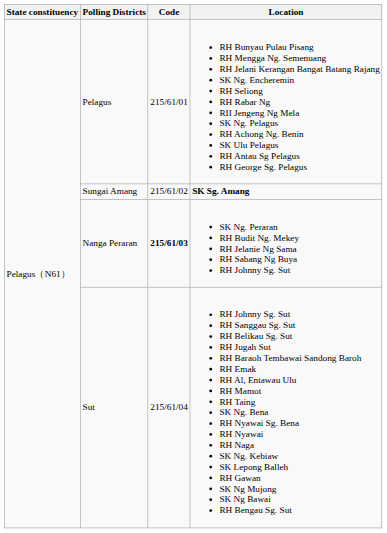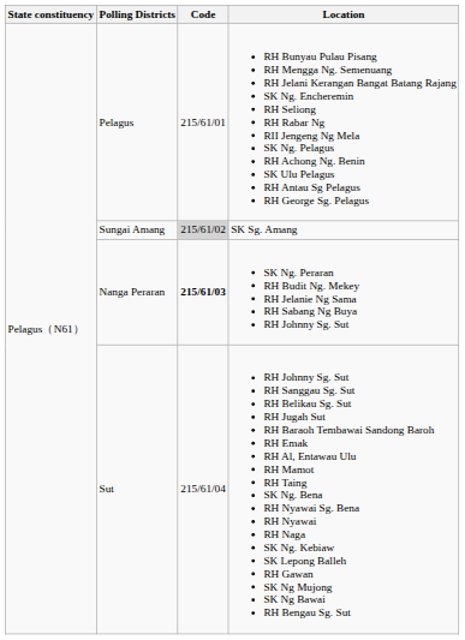 <table class="wikitable sortable mw-collapsible" style="white-space:nowrap;font-size:85%">
 <tr>
 <th>State constituency</th>
 <th>Polling Districts</th>
 <th>Code</th>
 <th>Location</th>
 </tr>
 <tr>
 <td rowspan="4">Pelagus（N61）</td>
 <td>Pelagus</td>
 <td>215/61/01</td>
 <td><br><ul><li>RH Bunyau Pulau Pisang</li><li>RH Mengga Ng. Semenuang</li><li>RH Jelani Kerangan Bangat Batang Rajang</li><li>SK Ng. Encheremin</li><li>RH Seliong</li><li>RH Rabar Ng</li><li>RII Jengeng Ng Mela</li><li>SK Ng. Pelagus</li><li>RH Achong Ng. Benin</li><li>SK Ulu Pelagus</li><li>RH Antau Sg Pelagus</li><li>RH George Sg. Pelagus</li></ul></td>
 </tr>
 <tr>
 <td>Sungai Amang</td>
-<td>215/61/02</td>
-<td><strong>SK Sg. Amang</strong></td>
+<td style="background: lightgrey;">215/61/02</td>
+<td>SK Sg. Amang</td>
 </tr>
 <tr>
 <td>Nanga Peraran</td>
 <td><strong>215/61/03</strong></td>
 <td><br><ul><li>SK Ng. Peraran</li><li>RH Budit Ng. Mekey</li><li>RH Jelanie Ng Sama</li><li>RH Sabang Ng Buya</li><li>RH Johnny Sg. Sut</li></ul></td>
 </tr>
 <tr>
 <td>Sut</td>
 <td>215/61/04</td>
 <td><br><ul><li>RH Johnny Sg. Sut</li><li>RH Sanggau Sg. Sut</li><li>RH Belikau  Sg. Sut</li><li>RH Jugah Sut</li><li>RH Baraoh Tembawai Sandong Baroh</li><li>RH Emak</li><li>RH Al, Entawau Ulu</li><li>RH Mamot</li><li>RH Taing</li><li>SK Ng. Bena</li><li>RH Nyawai Sg. Bena</li><li>RH Nyawai</li><li>RH Naga</li><li>SK Ng. Kebiaw</li><li>SK Lepong Balleh</li><li>RH Gawan</li><li>SK Ng Mujong</li><li>SK Ng Bawai</li><li>RH Bengau Sg. Sut</li></ul></td>
 </tr>
 </table>
